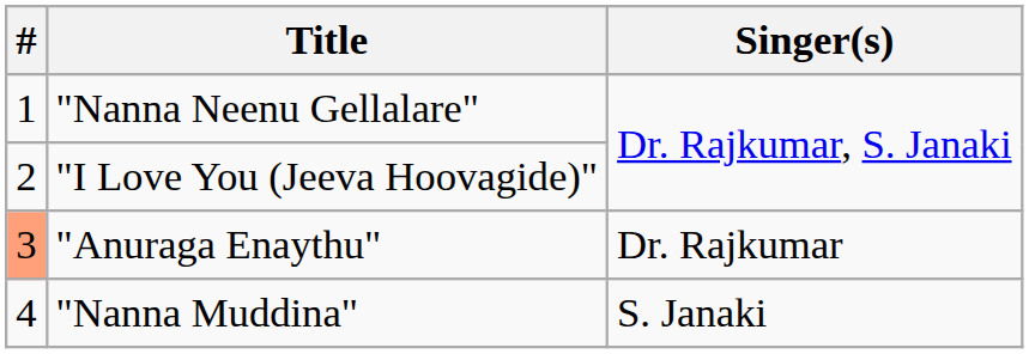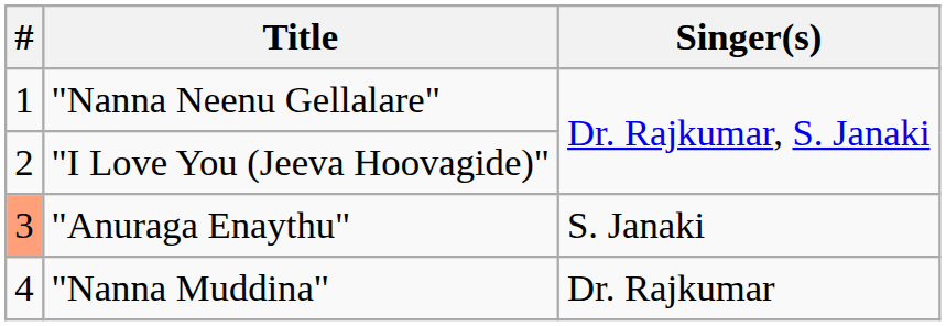 <table class="wikitable" style="font-size:95%;">
 <tr>
 <th>#</th>
 <th>Title</th>
 <th>Singer(s)</th>
 </tr>
 <tr>
 <td>1</td>
 <td>"Nanna Neenu Gellalare"</td>
 <td rowspan=2><a href='#'>Dr. Rajkumar</a>, <a href='#'>S. Janaki</a></td>
 </tr>
 <tr>
 <td>2</td>
 <td>"I Love You (Jeeva Hoovagide)"</td>
 </tr>
 <tr>
 <td style="background: lightsalmon;">3</td>
 <td>"Anuraga Enaythu"</td>
-<td>Dr. Rajkumar</td>
+<td>S. Janaki</td>
 </tr>
 <tr>
 <td>4</td>
 <td>"Nanna Muddina"</td>
-<td>S. Janaki</td>
+<td>Dr. Rajkumar</td>
 </tr>
 </table>
